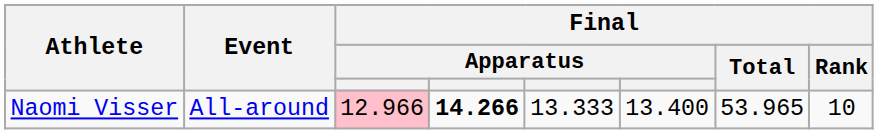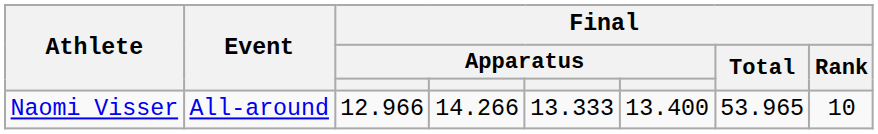 <table class="wikitable" style="font-size:90%">
 <tr>
 <th rowspan=3>Athlete</th>
 <th rowspan=3>Event</th>
 <th colspan=6>Final</th>
 </tr>
 <tr style="font-size:95%">
 <th colspan=4>Apparatus</th>
 <th rowspan=2>Total</th>
 <th rowspan=2>Rank</th>
 </tr>
 <tr style="font-size:95%">
 <th></th>
 <th></th>
 <th></th>
 <th></th>
 </tr>
 <tr align=center>
 <td align=left><a href='#'>Naomi Visser</a></td>
 <td align=left><a href='#'>All-around</a></td>
-<td style="background: pink;">12.966</td>
-<td><strong>14.266</strong></td>
+<td>12.966</td>
+<td>14.266</td>
 <td>13.333</td>
 <td>13.400</td>
 <td>53.965</td>
 <td>10</td>
 </tr>
 </table>
